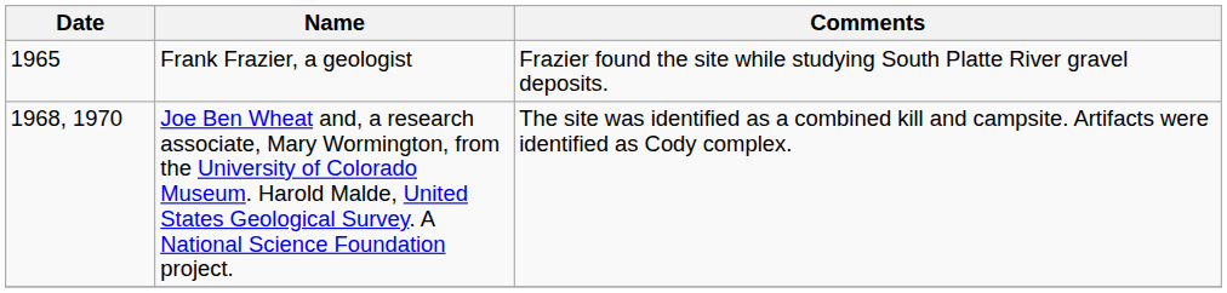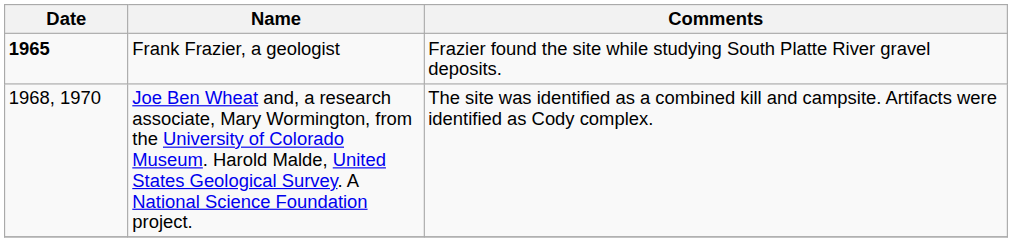 <table class="wikitable">
 <tr>
 <th scope="col" width="100">Date</th>
 <th scope="col" width="250">Name</th>
 <th scope="col" width="500">Comments</th>
 </tr>
 <tr valign="top">
-<td>1965</td>
+<td><strong>1965</strong></td>
 <td>Frank Frazier, a geologist</td>
 <td>Frazier found the site while studying South Platte River gravel deposits.</td>
 </tr>
 <tr valign="top">
 <td>1968, 1970</td>
 <td><a href='#'>Joe Ben Wheat</a> and, a research associate, Mary Wormington, from the <a href='#'>University of Colorado Museum</a>. Harold Malde, <a href='#'>United States Geological Survey</a>. A <a href='#'>National Science Foundation</a> project.</td>
 <td>The site was identified as a combined kill and campsite.  Artifacts were identified as Cody complex.</td>
 </tr>
 <tr>
 </tr>
 </table>
